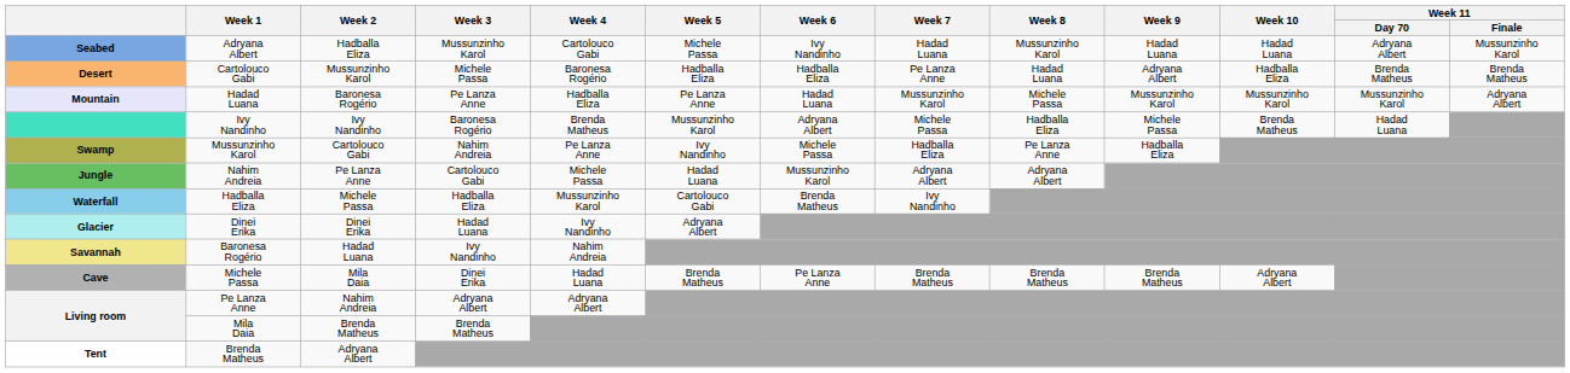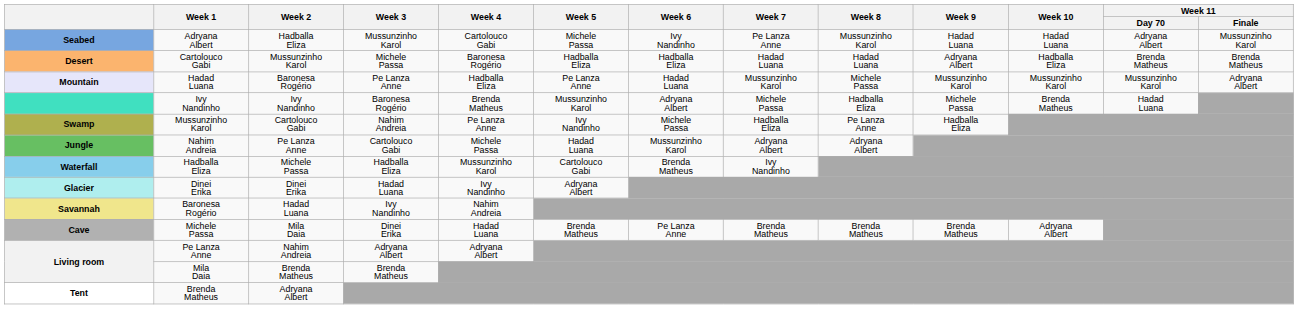 <table class="wikitable" style="text-align:center; font-size:85%; width:100%; line-height:13px;">
 <tr>
 <th rowspan=2 width="11%"></th>
 <th rowspan=2 width="07%">Week 1</th>
 <th rowspan=2 width="07%">Week 2</th>
 <th rowspan=2 width="07%">Week 3</th>
 <th rowspan=2 width="07%">Week 4</th>
 <th rowspan=2 width="07%">Week 5</th>
 <th rowspan=2 width="07%">Week 6</th>
 <th rowspan=2 width="07%">Week 7</th>
 <th rowspan=2 width="07%">Week 8</th>
 <th rowspan=2 width="07%">Week 9</th>
 <th rowspan=2 width="07%">Week 10</th>
 <th colspan=2 width="14%">Week 11</th>
 </tr>
 <tr>
 <th width="07%">Day 70</th>
 <th width="07%">Finale</th>
 </tr>
 <tr>
 <td bgcolor="77A6E0"><strong>Seabed<br></strong></td>
 <td>Adryana<br>Albert</td>
 <td>Hadballa<br>Eliza</td>
 <td>Mussunzinho<br>Karol</td>
 <td>Cartolouco<br>Gabi</td>
 <td>Michele<br>Passa</td>
 <td>Ivy<br>Nandinho</td>
-<td>Hadad<br>Luana</td>
+<td>Pe Lanza<br>Anne</td>
 <td>Mussunzinho<br>Karol</td>
 <td>Hadad<br>Luana</td>
 <td>Hadad<br>Luana</td>
 <td>Adryana<br>Albert</td>
 <td>Mussunzinho<br>Karol</td>
 </tr>
 <tr>
 <td bgcolor="FBB46E"><strong>Desert<br></strong></td>
 <td>Cartolouco<br>Gabi</td>
 <td>Mussunzinho<br>Karol</td>
 <td>Michele<br>Passa</td>
 <td>Baronesa<br>Rogério</td>
 <td>Hadballa<br>Eliza</td>
 <td>Hadballa<br>Eliza</td>
-<td>Pe Lanza<br>Anne</td>
+<td>Hadad<br>Luana</td>
 <td>Hadad<br>Luana</td>
 <td>Adryana<br>Albert</td>
 <td>Hadballa<br>Eliza</td>
 <td>Brenda<br>Matheus</td>
 <td>Brenda<br>Matheus</td>
 </tr>
 <tr>
 <td bgcolor="E6E6FA"><strong>Mountain<br></strong></td>
 <td>Hadad<br>Luana</td>
 <td>Baronesa<br>Rogério</td>
 <td>Pe Lanza<br>Anne</td>
 <td>Hadballa<br>Eliza</td>
 <td>Pe Lanza<br>Anne</td>
 <td>Hadad<br>Luana</td>
 <td>Mussunzinho<br>Karol</td>
 <td>Michele<br>Passa</td>
 <td>Mussunzinho<br>Karol</td>
 <td>Mussunzinho<br>Karol</td>
 <td>Mussunzinho<br>Karol</td>
 <td>Adryana<br>Albert</td>
 </tr>
 <tr>
 <td bgcolor="40E0C0"><strong><br></strong></td>
 <td>Ivy<br>Nandinho</td>
 <td>Ivy<br>Nandinho</td>
 <td>Baronesa<br>Rogério</td>
 <td>Brenda<br>Matheus</td>
 <td>Mussunzinho<br>Karol</td>
 <td>Adryana<br>Albert</td>
 <td>Michele<br>Passa</td>
 <td>Hadballa<br>Eliza</td>
 <td>Michele<br>Passa</td>
 <td>Brenda<br>Matheus</td>
 <td>Hadad<br>Luana</td>
 <td colspan="1" bgcolor="A9A9A9"></td>
 </tr>
 <tr>
 <td bgcolor="AFB04E"><strong>Swamp<br></strong></td>
 <td>Mussunzinho<br>Karol</td>
 <td>Cartolouco<br>Gabi</td>
 <td>Nahim<br>Andreia</td>
 <td>Pe Lanza<br>Anne</td>
 <td>Ivy<br>Nandinho</td>
 <td>Michele<br>Passa</td>
 <td>Hadballa<br>Eliza</td>
 <td>Pe Lanza<br>Anne</td>
 <td>Hadballa<br>Eliza</td>
 <td colspan="3" bgcolor="A9A9A9"></td>
 </tr>
 <tr>
 <td bgcolor="67BF62"><strong>Jungle</strong></td>
 <td>Nahim<br>Andreia</td>
 <td>Pe Lanza<br>Anne</td>
 <td>Cartolouco<br>Gabi</td>
 <td>Michele<br>Passa</td>
 <td>Hadad<br>Luana</td>
 <td>Mussunzinho<br>Karol</td>
 <td>Adryana<br>Albert</td>
 <td>Adryana<br>Albert</td>
 <td colspan="4" bgcolor="A9A9A9"></td>
 </tr>
 <tr>
 <td bgcolor="87CEEB"><strong>Waterfall</strong></td>
 <td>Hadballa<br>Eliza</td>
 <td>Michele<br>Passa</td>
 <td>Hadballa<br>Eliza</td>
 <td>Mussunzinho<br>Karol</td>
 <td>Cartolouco<br>Gabi</td>
 <td>Brenda<br>Matheus</td>
 <td>Ivy<br>Nandinho</td>
 <td colspan="5" bgcolor="A9A9A9"></td>
 </tr>
 <tr>
 <td bgcolor="AFEEEE"><strong>Glacier</strong></td>
 <td>Dinei<br>Erika</td>
 <td>Dinei<br>Erika</td>
 <td>Hadad<br>Luana</td>
 <td>Ivy<br>Nandinho</td>
 <td>Adryana<br>Albert</td>
 <td colspan="7" bgcolor="A9A9A9"></td>
 </tr>
 <tr>
 <td bgcolor="F0E68C"><strong>Savannah</strong></td>
 <td>Baronesa<br>Rogério</td>
 <td>Hadad<br>Luana</td>
 <td>Ivy<br>Nandinho</td>
 <td>Nahim<br>Andreia</td>
 <td colspan="8" bgcolor="A9A9A9"></td>
 </tr>
 <tr>
 <td bgcolor="B1B1B1"><strong>Cave<br></strong></td>
 <td>Michele<br>Passa</td>
 <td>Mila<br>Daia</td>
 <td>Dinei<br>Erika</td>
 <td>Hadad<br>Luana</td>
 <td>Brenda<br>Matheus</td>
 <td>Pe Lanza<br>Anne</td>
 <td>Brenda<br>Matheus</td>
 <td>Brenda<br>Matheus</td>
 <td>Brenda<br>Matheus</td>
 <td>Adryana<br>Albert</td>
 <td colspan="2" bgcolor="A9A9A9"></td>
 </tr>
 <tr>
 <th rowspan="2">Living room</th>
 <td>Pe Lanza<br>Anne</td>
 <td>Nahim<br>Andreia</td>
 <td>Adryana<br>Albert</td>
 <td>Adryana<br>Albert</td>
 <td colspan="8" bgcolor="A9A9A9"></td>
 </tr>
 <tr>
 <td>Mila<br>Daia</td>
 <td>Brenda<br>Matheus</td>
 <td>Brenda<br>Matheus</td>
 <td colspan="9" bgcolor="A9A9A9"></td>
 </tr>
 <tr>
 <td bgcolor="FFFFFF"><strong>Tent</strong></td>
 <td>Brenda<br>Matheus</td>
 <td>Adryana<br>Albert</td>
 <td colspan="10" bgcolor="A9A9A9"></td>
 </tr>
 </table>
